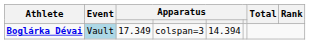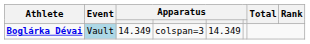 <table class="wikitable" style="font-size:90%">
 <tr>
 <th rowspan=2>Athlete</th>
 <th rowspan=2>Event</th>
 <th colspan=4>Apparatus</th>
 <th rowspan=2>Total</th>
 <th rowspan=2>Rank</th>
 </tr>
 <tr style="font-size:95%">
 <th></th>
 <th></th>
 <th></th>
 <th></th>
 </tr>
 <tr align=center>
 <td align=left><strong><a href='#'>Boglárka Dévai</a></strong></td>
 <td align=left style="background: lightblue;">Vault</td>
-<td>17.349</td>
+<td>14.349</td>
 <td>colspan=3 </td>
-<td>14.394</td>
+<td>14.349</td>
 <td></td>
 </tr>
 </table>
